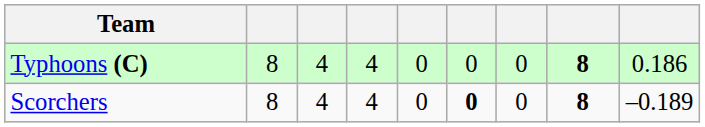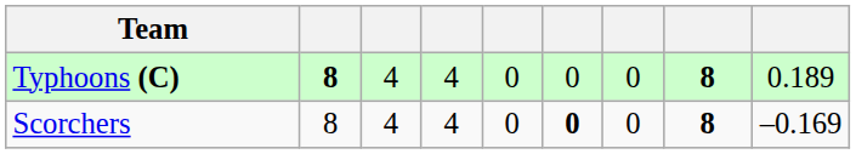 <table class="wikitable" style="text-align:center">
 <tr>
 <th width="150">Team</th>
 <th width="25"></th>
 <th width="25"></th>
 <th width="25"></th>
 <th width="25"></th>
 <th width="25"></th>
 <th width="25"></th>
 <th width="40"></th>
 <th width="45"></th>
 </tr>
 <tr style="background:#cfc">
 <td style="text-align:left"><a href='#'>Typhoons</a> <strong>(C)</strong></td>
-<td>8</td>
+<td><strong>8</strong></td>
 <td>4</td>
 <td>4</td>
 <td>0</td>
 <td>0</td>
 <td>0</td>
 <td><strong>8</strong></td>
-<td>0.186</td>
+<td>0.189</td>
 </tr>
 <tr>
 <td style="text-align:left"><a href='#'>Scorchers</a></td>
 <td>8</td>
 <td>4</td>
 <td>4</td>
 <td>0</td>
 <td><strong>0</strong></td>
 <td>0</td>
 <td><strong>8</strong></td>
-<td>–0.189</td>
+<td>–0.169</td>
 </tr>
 </table>
